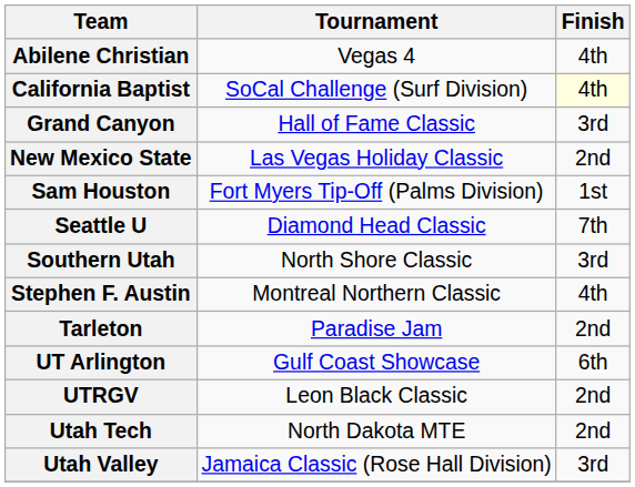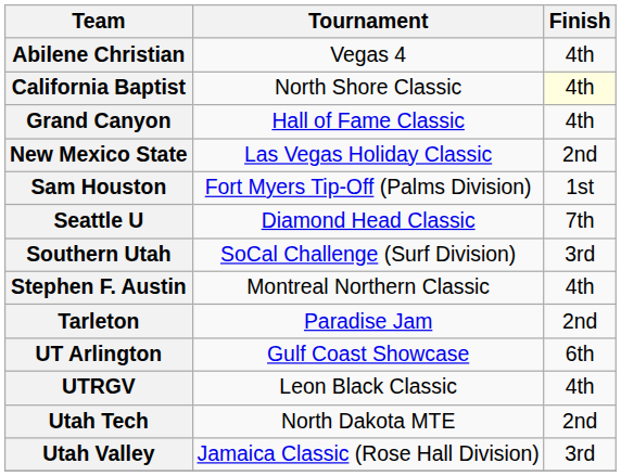 <table class="wikitable">
 <tr>
 <th>Team</th>
 <th>Tournament</th>
 <th>Finish</th>
 </tr>
 <tr style="text-align:center;">
 <th>Abilene Christian</th>
 <td>Vegas 4</td>
 <td>4th</td>
 </tr>
 <tr style="text-align:center;">
 <th>California Baptist</th>
-<td><a href='#'>SoCal Challenge</a> (Surf Division)</td>
+<td>North Shore Classic</td>
 <td style="background: lightyellow;">4th</td>
 </tr>
 <tr style="text-align:center;">
 <th>Grand Canyon</th>
 <td><a href='#'>Hall of Fame Classic</a></td>
-<td>3rd</td>
+<td>4th</td>
 </tr>
 <tr style="text-align:center;">
 <th>New Mexico State</th>
 <td><a href='#'>Las Vegas Holiday Classic</a></td>
 <td>2nd</td>
 </tr>
 <tr style="text-align:center;">
 <th>Sam Houston</th>
 <td><a href='#'>Fort Myers Tip-Off</a> (Palms Division)</td>
 <td>1st</td>
 </tr>
 <tr style="text-align:center;">
 <th style=>Seattle U</th>
 <td><a href='#'>Diamond Head Classic</a></td>
 <td>7th</td>
 </tr>
 <tr style="text-align:center;">
 <th>Southern Utah</th>
-<td>North Shore Classic</td>
+<td><a href='#'>SoCal Challenge</a> (Surf Division)</td>
 <td>3rd</td>
 </tr>
 <tr style="text-align:center;">
 <th>Stephen F. Austin</th>
 <td>Montreal Northern Classic</td>
 <td>4th</td>
 </tr>
 <tr style="text-align:center;">
 <th>Tarleton</th>
 <td><a href='#'>Paradise Jam</a></td>
 <td>2nd</td>
 </tr>
 <tr style="text-align:center;">
 <th>UT Arlington</th>
 <td><a href='#'>Gulf Coast Showcase</a></td>
 <td>6th</td>
 </tr>
 <tr style="text-align:center;">
 <th>UTRGV</th>
 <td>Leon Black Classic</td>
-<td>2nd</td>
+<td>4th</td>
 </tr>
 <tr style="text-align:center;">
 <th>Utah Tech</th>
 <td>North Dakota MTE</td>
 <td>2nd</td>
 </tr>
 <tr style="text-align:center;">
 <th>Utah Valley</th>
 <td><a href='#'>Jamaica Classic</a> (Rose Hall Division)</td>
 <td>3rd</td>
 </tr>
 <tr>
 </tr>
 </table>
